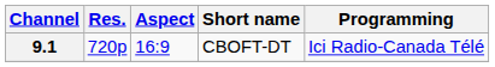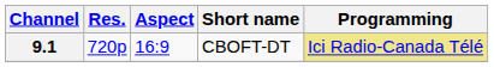 <table class="wikitable">
 <tr>
 <th><a href='#'>Channel</a></th>
 <th><a href='#'>Res.</a></th>
 <th><a href='#'>Aspect</a></th>
 <th>Short name</th>
 <th>Programming</th>
 </tr>
 <tr>
 <th scope = "row">9.1</th>
 <td><a href='#'>720p</a></td>
 <td><a href='#'>16:9</a></td>
 <td>CBOFT-DT</td>
-<td><a href='#'>Ici Radio-Canada Télé</a></td>
+<td style="background: khaki;"><a href='#'>Ici Radio-Canada Télé</a></td>
 </tr>
 <tr>
 </tr>
 </table>
